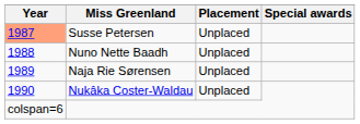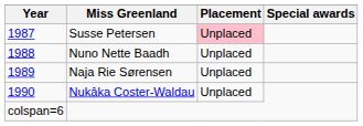 <table class="sortable wikitable">
 <tr bgcolor="#CCCCCC">
 </tr>
 <tr>
 <th>Year</th>
 <th>Miss Greenland</th>
 <th>Placement</th>
 <th>Special awards</th>
 </tr>
 <tr>
-<td style="background: lightsalmon;"><a href='#'>1987</a></td>
+<td><a href='#'>1987</a></td>
 <td>Susse Petersen</td>
-<td>Unplaced</td>
+<td style="background: pink;">Unplaced</td>
 <td></td>
 </tr>
 <tr>
 <td><a href='#'>1988</a></td>
 <td>Nuno Nette Baadh</td>
 <td>Unplaced</td>
 <td></td>
 </tr>
 <tr>
 <td><a href='#'>1989</a></td>
 <td>Naja Rie Sørensen</td>
 <td>Unplaced</td>
 <td></td>
 </tr>
 <tr>
 <td><a href='#'>1990</a></td>
 <td><a href='#'>Nukâka Coster-Waldau</a></td>
 <td>Unplaced</td>
 </tr>
 <tr>
 <td>colspan=6 </td>
 </tr>
 </table>
